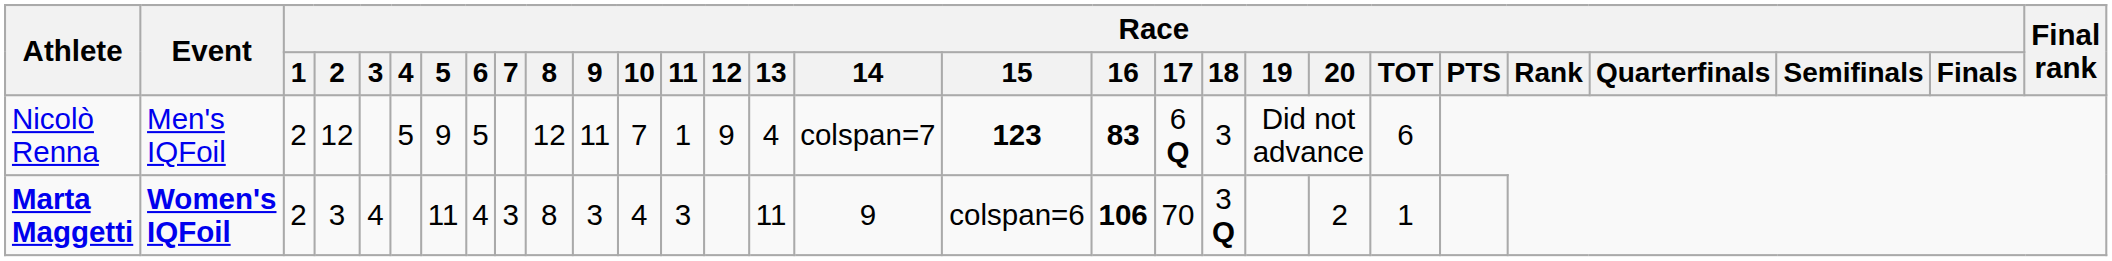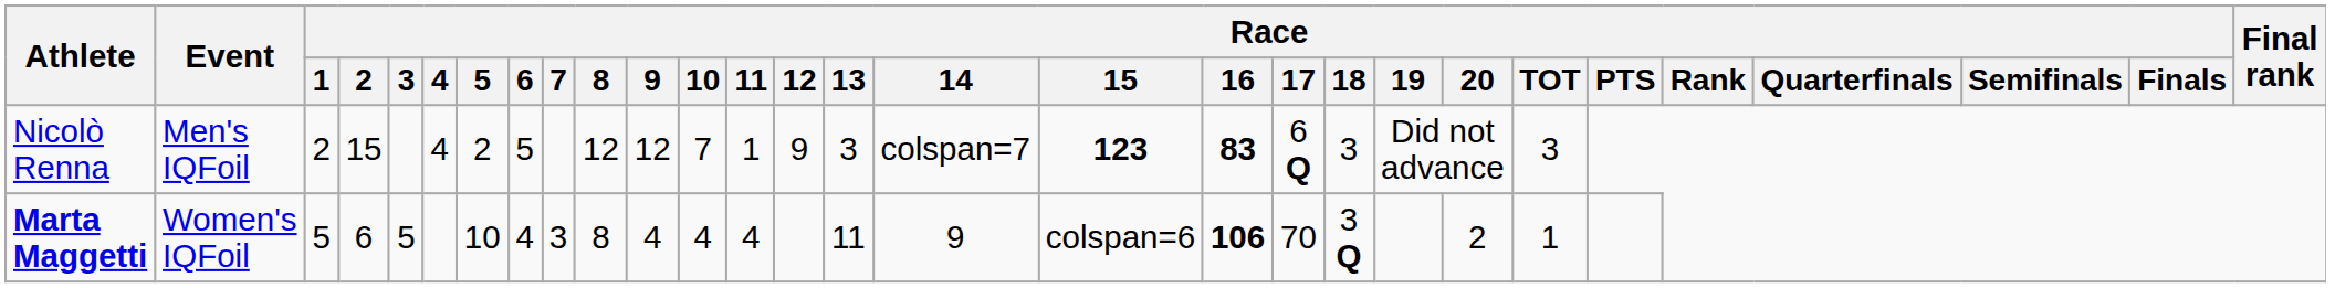 <table class="wikitable" style="font-size:90%">
 <tr>
 <th rowspan="2">Athlete</th>
 <th rowspan="2">Event</th>
 <th colspan="26">Race</th>
 <th rowspan=2>Final rank</th>
 </tr>
 <tr style="font-size:95%">
 <th>1</th>
 <th>2</th>
 <th>3</th>
 <th>4</th>
 <th>5</th>
 <th>6</th>
 <th>7</th>
 <th>8</th>
 <th>9</th>
 <th>10</th>
 <th>11</th>
 <th>12</th>
 <th>13</th>
 <th>14</th>
 <th>15</th>
 <th>16</th>
 <th>17</th>
 <th>18</th>
 <th>19</th>
 <th>20</th>
 <th>TOT</th>
 <th>PTS</th>
 <th>Rank</th>
 <th>Quarterfinals</th>
 <th>Semifinals</th>
 <th>Finals</th>
 </tr>
 <tr align=center>
 <td align=left><a href='#'>Nicolò Renna</a></td>
 <td align=left><a href='#'>Men's IQFoil</a></td>
 <td>2</td>
-<td>12</td>
+<td>15</td>
 <td></td>
-<td>5</td>
-<td>9</td>
+<td>4</td>
+<td>2</td>
 <td>5</td>
 <td></td>
 <td>12</td>
-<td>11</td>
+<td>12</td>
 <td>7</td>
 <td>1</td>
 <td>9</td>
-<td>4</td>
+<td>3</td>
 <td>colspan=7 </td>
 <td><strong>123</strong></td>
 <td><strong>83</strong></td>
 <td>6 <strong>Q</strong></td>
 <td>3</td>
 <td colspan=2>Did not advance</td>
-<td>6</td>
+<td>3</td>
 </tr>
 <tr align=center>
 <td align=left><strong><a href='#'>Marta Maggetti</a></strong></td>
-<td align=left><strong><a href='#'>Women's IQFoil</a></strong></td>
-<td>2</td>
-<td>3</td>
-<td>4</td>
+<td align=left><a href='#'>Women's IQFoil</a></td>
+<td>5</td>
+<td>6</td>
+<td>5</td>
 <td></td>
-<td>11</td>
+<td>10</td>
 <td>4</td>
 <td>3</td>
 <td>8</td>
-<td>3</td>
 <td>4</td>
-<td>3</td>
+<td>4</td>
+<td>4</td>
 <td></td>
 <td>11</td>
 <td>9</td>
 <td>colspan=6 </td>
 <td><strong>106</strong></td>
 <td>70</td>
 <td>3 <strong>Q</strong></td>
 <td></td>
 <td>2</td>
 <td>1</td>
 <td></td>
 </tr>
 </table>
